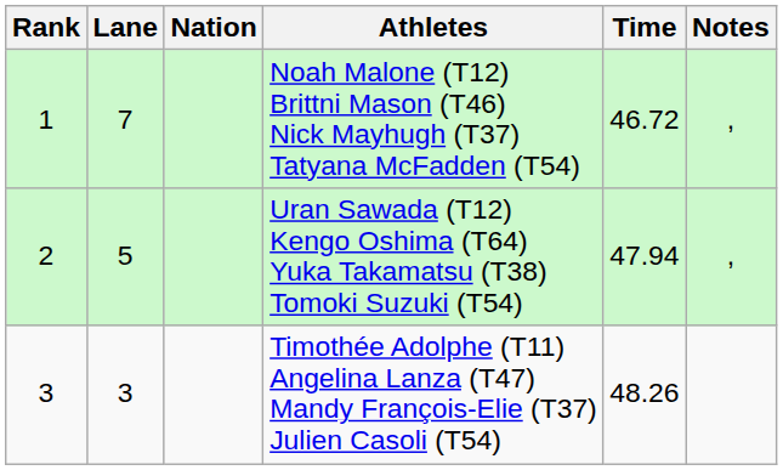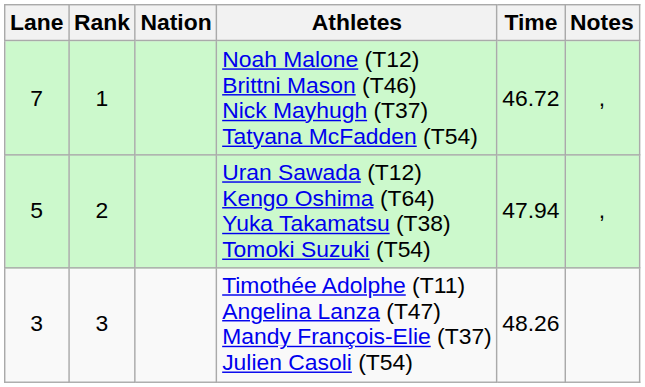 <table class="wikitable sortable" style="text-align:center">
 <tr>
+<th>Lane</th>
 <th>Rank</th>
-<th>Lane</th>
 <th>Nation</th>
 <th>Athletes</th>
 <th>Time</th>
 <th>Notes</th>
 </tr>
 <tr bgcolor=ccf9cc>
+<td>7</td>
 <td>1</td>
-<td>7</td>
 <td align="left"></td>
 <td align="left"><a href='#'>Noah Malone</a> (T12)<br><a href='#'>Brittni Mason</a> (T46)<br><a href='#'>Nick Mayhugh</a> (T37)<br><a href='#'>Tatyana McFadden</a> (T54)</td>
 <td>46.72</td>
 <td>, </td>
 </tr>
 <tr bgcolor=ccf9cc>
+<td>5</td>
 <td>2</td>
-<td>5</td>
 <td align="left"></td>
 <td align="left"><a href='#'>Uran Sawada</a> (T12)<br><a href='#'>Kengo Oshima</a> (T64)<br><a href='#'>Yuka Takamatsu</a> (T38)<br><a href='#'>Tomoki Suzuki</a> (T54)</td>
 <td>47.94</td>
 <td>, </td>
 </tr>
 <tr>
 <td>3</td>
 <td>3</td>
 <td align="left"></td>
 <td align="left"><a href='#'>Timothée Adolphe</a> (T11)<br><a href='#'>Angelina Lanza</a> (T47)<br><a href='#'>Mandy François-Elie</a> (T37)<br><a href='#'>Julien Casoli</a> (T54)</td>
 <td>48.26</td>
 <td></td>
 </tr>
 </table>
